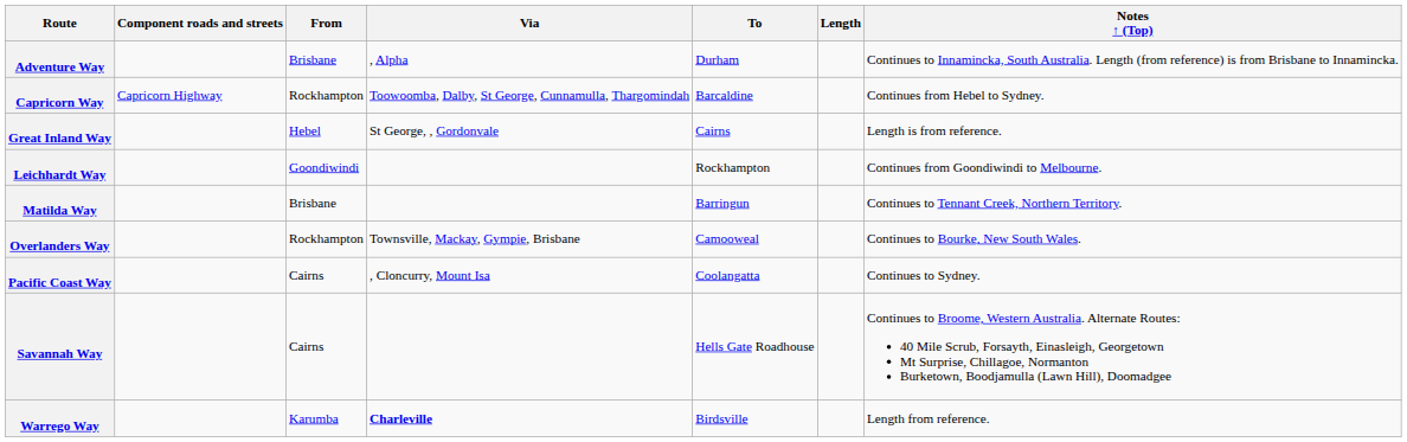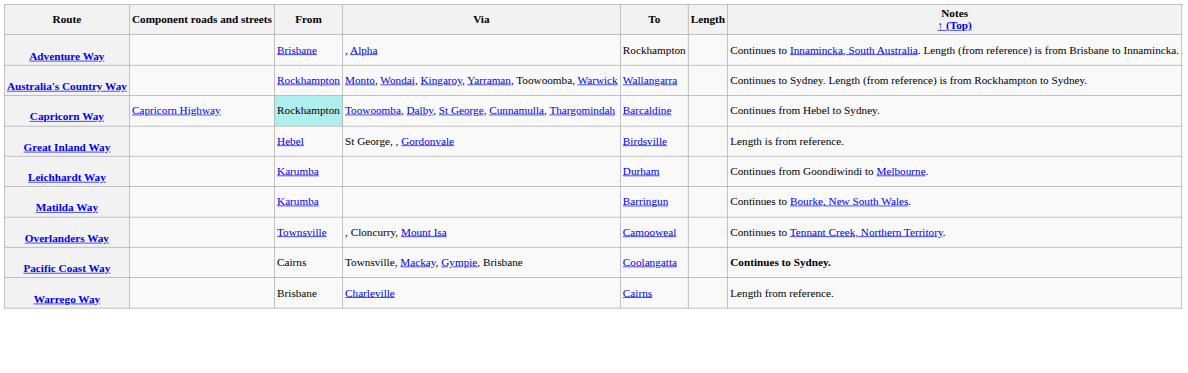 <table class="wikitable">
 <tr>
 <th scope="col">Route</th>
 <th scope="col">Component roads and streets</th>
 <th scope="col">From</th>
 <th scope="col">Via</th>
 <th scope="col">To</th>
 <th scope="col">Length</th>
 <th scope="col">Notes <br><a href='#'>↑ (Top)</a></th>
 </tr>
 <tr>
 <th> <br> <a href='#'>Adventure Way</a></th>
 <td></td>
 <td><a href='#'>Brisbane</a></td>
 <td>, <a href='#'>Alpha</a></td>
-<td><a href='#'>Durham</a></td>
+<td>Rockhampton</td>
 <td></td>
 <td>Continues to <a href='#'>Innamincka, South Australia</a>. Length (from reference) is from Brisbane to Innamincka.</td>
 </tr>
 <tr>
+<th> <br> <a href='#'>Australia's Country Way</a></th>
+<td></td>
+<td><a href='#'>Rockhampton</a></td>
+<td><a href='#'>Monto</a>, <a href='#'>Wondai</a>, <a href='#'>Kingaroy</a>, <a href='#'>Yarraman</a>, Toowoomba, <a href='#'>Warwick</a></td>
+<td><a href='#'>Wallangarra</a></td>
+<td></td>
+<td>Continues to Sydney. Length (from reference) is from Rockhampton to Sydney.</td>
+</tr>
+<tr>
 <th> <br> <a href='#'>Capricorn Way</a></th>
 <td><a href='#'>Capricorn Highway</a></td>
-<td>Rockhampton</td>
+<td style="background: paleturquoise;">Rockhampton</td>
 <td><a href='#'>Toowoomba</a>, <a href='#'>Dalby</a>, <a href='#'>St George</a>, <a href='#'>Cunnamulla</a>, <a href='#'>Thargomindah</a></td>
 <td><a href='#'>Barcaldine</a></td>
 <td></td>
 <td>Continues from Hebel to Sydney.</td>
 </tr>
 <tr>
 <th> <br> <a href='#'>Great Inland Way</a></th>
 <td></td>
 <td><a href='#'>Hebel</a></td>
 <td>St George, , <a href='#'>Gordonvale</a></td>
-<td><a href='#'>Cairns</a></td>
+<td><a href='#'>Birdsville</a></td>
 <td></td>
 <td>Length is from reference.</td>
 </tr>
 <tr>
 <th> <br> <a href='#'>Leichhardt Way</a></th>
 <td></td>
-<td><a href='#'>Goondiwindi</a></td>
+<td><a href='#'>Karumba</a></td>
 <td></td>
-<td>Rockhampton</td>
+<td><a href='#'>Durham</a></td>
 <td></td>
 <td>Continues from Goondiwindi to <a href='#'>Melbourne</a>.</td>
 </tr>
 <tr>
 <th> <br> <a href='#'>Matilda Way</a></th>
 <td></td>
-<td>Brisbane</td>
+<td><a href='#'>Karumba</a></td>
 <td></td>
 <td><a href='#'>Barringun</a></td>
 <td></td>
-<td>Continues to <a href='#'>Tennant Creek, Northern Territory</a>.</td>
+<td>Continues to <a href='#'>Bourke, New South Wales</a>.</td>
 </tr>
 <tr>
 <th> <br> <a href='#'>Overlanders Way</a></th>
 <td></td>
-<td>Rockhampton</td>
-<td>Townsville, <a href='#'>Mackay</a>, <a href='#'>Gympie</a>, Brisbane</td>
+<td><a href='#'>Townsville</a></td>
+<td>, Cloncurry, <a href='#'>Mount Isa</a></td>
 <td><a href='#'>Camooweal</a></td>
 <td></td>
-<td>Continues to <a href='#'>Bourke, New South Wales</a>.</td>
+<td>Continues to <a href='#'>Tennant Creek, Northern Territory</a>.</td>
 </tr>
 <tr>
 <th> <br> <a href='#'>Pacific Coast Way</a></th>
 <td></td>
 <td>Cairns</td>
-<td>, Cloncurry, <a href='#'>Mount Isa</a></td>
+<td>Townsville, <a href='#'>Mackay</a>, <a href='#'>Gympie</a>, Brisbane</td>
 <td><a href='#'>Coolangatta</a></td>
 <td></td>
-<td>Continues to Sydney.</td>
-</tr>
-<tr>
-<th> <br> <a href='#'>Savannah Way</a></th>
-<td></td>
-<td>Cairns </td>
-<td></td>
-<td><a href='#'>Hells Gate</a> Roadhouse </td>
-<td></td>
-<td><br>Continues to <a href='#'>Broome, Western Australia</a>. Alternate Routes:<ul><li>40 Mile Scrub, Forsayth, Einasleigh, Georgetown</li><li>Mt Surprise, Chillagoe, Normanton</li><li>Burketown, Boodjamulla (Lawn Hill), Doomadgee</li></ul></td>
+<td><strong>Continues to Sydney.</strong></td>
 </tr>
 <tr>
 <th> <br> <a href='#'>Warrego Way</a></th>
 <td></td>
-<td><a href='#'>Karumba</a></td>
-<td><strong><a href='#'>Charleville</a></strong></td>
-<td><a href='#'>Birdsville</a></td>
+<td>Brisbane</td>
+<td><a href='#'>Charleville</a></td>
+<td><a href='#'>Cairns</a></td>
 <td></td>
 <td>Length from reference.</td>
 </tr>
 </table>
